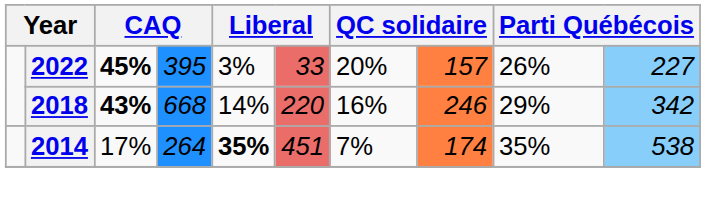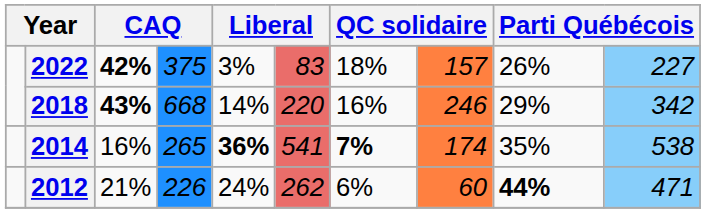 <table class="wikitable" style="width:400; font-size:90%; margin-left:1em;">
 <tr>
 <th colspan="2" scope="col">Year</th>
 <th colspan="2" scope="col"><a href='#'>CAQ</a></th>
 <th colspan="2" scope="col"><a href='#'>Liberal</a></th>
 <th colspan="2" scope="col"><a href='#'>QC solidaire</a></th>
 <th colspan="2" scope="col"><a href='#'>Parti Québécois</a></th>
 </tr>
 <tr>
 <td rowspan="2" style="width: 0.25em; background-color: "></td>
 <th><a href='#'>2022</a></th>
-<td><strong>45%</strong></td>
-<td style="text-align:right; background:#1E90FF;"><em>395</em></td>
+<td><strong>42%</strong></td>
+<td style="text-align:right; background:#1E90FF;"><em>375</em></td>
 <td>3%</td>
-<td style="text-align:right; background:#EA6D6A;"><em>33</em></td>
-<td>20%</td>
+<td style="text-align:right; background:#EA6D6A;"><em>83</em></td>
+<td>18%</td>
 <td style="text-align:right; background:#FF8040;"><em>157</em></td>
 <td>26%</td>
 <td style="text-align:right; background:#87CEFA;"><em>227</em></td>
 </tr>
 <tr>
 <th><a href='#'>2018</a></th>
 <td><strong>43%</strong></td>
 <td style="text-align:right; background:#1E90FF;"><em>668</em></td>
 <td>14%</td>
 <td style="text-align:right; background:#EA6D6A;"><em>220</em></td>
 <td>16%</td>
 <td style="text-align:right; background:#FF8040;"><em>246</em></td>
 <td>29%</td>
 <td style="text-align:right; background:#87CEFA;"><em>342</em></td>
 </tr>
 <tr>
 <td style="width: 0.25em; background-color: "></td>
 <th><a href='#'>2014</a></th>
-<td>17%</td>
-<td style="text-align:right; background:#1E90FF;"><em>264</em></td>
-<td><strong>35%</strong></td>
-<td style="text-align:right; background:#EA6D6A;"><em>451</em></td>
-<td>7%</td>
+<td>16%</td>
+<td style="text-align:right; background:#1E90FF;"><em>265</em></td>
+<td><strong>36%</strong></td>
+<td style="text-align:right; background:#EA6D6A;"><em>541</em></td>
+<td><strong>7%</strong></td>
 <td style="text-align:right; background:#FF8040;"><em>174</em></td>
 <td>35%</td>
 <td style="text-align:right; background:#87CEFA;"><em>538</em></td>
 </tr>
 <tr>
+<td style="width: 0.25em; background-color: "></td>
+<th><a href='#'>2012</a></th>
+<td>21%</td>
+<td style="text-align:right; background:#1E90FF;"><em>226</em></td>
+<td>24%</td>
+<td style="text-align:right; background:#EA6D6A;"><em>262</em></td>
+<td>6%</td>
+<td style="text-align:right; background:#FF8040;"><em>60</em></td>
+<td><strong>44%</strong></td>
+<td style="text-align:right; background:#87CEFA;"><em>471</em></td>
+</tr>
+<tr>
 </tr>
 </table>
